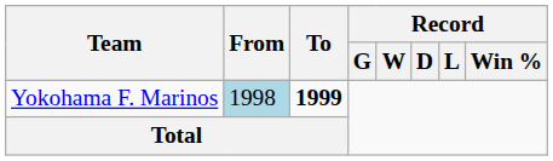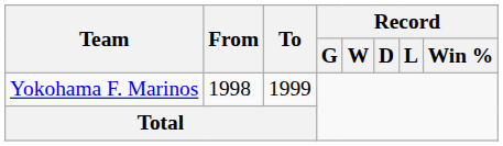 <table class="wikitable" style="text-align: center">
 <tr>
 <th rowspan="2">Team</th>
 <th rowspan="2">From</th>
 <th rowspan="2">To</th>
 <th colspan="5">Record</th>
 </tr>
 <tr>
 <th>G</th>
 <th>W</th>
 <th>D</th>
 <th>L</th>
 <th>Win %</th>
 </tr>
 <tr>
 <td align="left"><a href='#'>Yokohama F. Marinos</a></td>
-<td align="left" style="background: lightblue;">1998</td>
-<td align="left"><strong>1999<br></strong></td>
+<td align="left">1998</td>
+<td align="left">1999<br></td>
 </tr>
 <tr>
 <th colspan="3">Total<br></th>
 </tr>
 </table>
